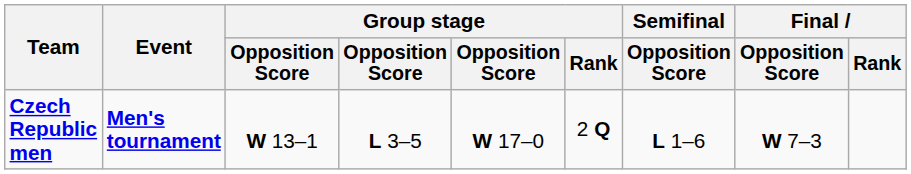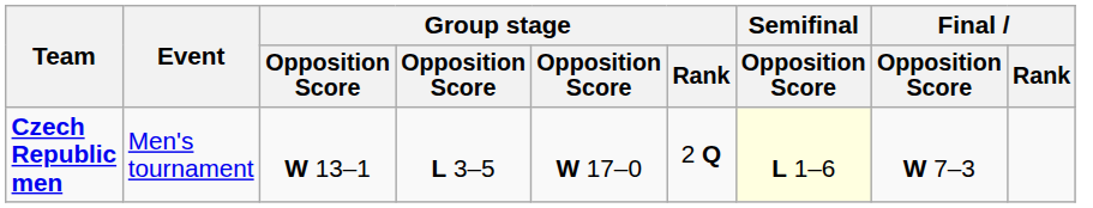 <table class="wikitable" style="font-size:90%">
 <tr>
 <th rowspan="2">Team</th>
 <th rowspan="2">Event</th>
 <th colspan="4">Group stage</th>
 <th>Semifinal</th>
 <th colspan="2">Final / </th>
 </tr>
 <tr style="font-size:95%">
 <th>Opposition<br>Score</th>
 <th>Opposition<br>Score</th>
 <th>Opposition<br>Score</th>
 <th>Rank</th>
 <th>Opposition<br>Score</th>
 <th>Opposition<br>Score</th>
 <th>Rank</th>
 </tr>
 <tr align="center">
 <td align="left"><strong><a href='#'>Czech Republic men</a></strong></td>
-<td align="left"><strong><a href='#'>Men's tournament</a></strong></td>
+<td align="left"><a href='#'>Men's tournament</a></td>
 <td><br><strong>W</strong> 13–1</td>
 <td><br><strong>L</strong> 3–5</td>
 <td><br><strong>W</strong> 17–0</td>
 <td>2 <strong>Q</strong></td>
-<td><br><strong>L</strong> 1–6</td>
+<td style="background: lightyellow;"><br><strong>L</strong> 1–6</td>
 <td><br><strong>W</strong> 7–3</td>
 <td></td>
 </tr>
 </table>
